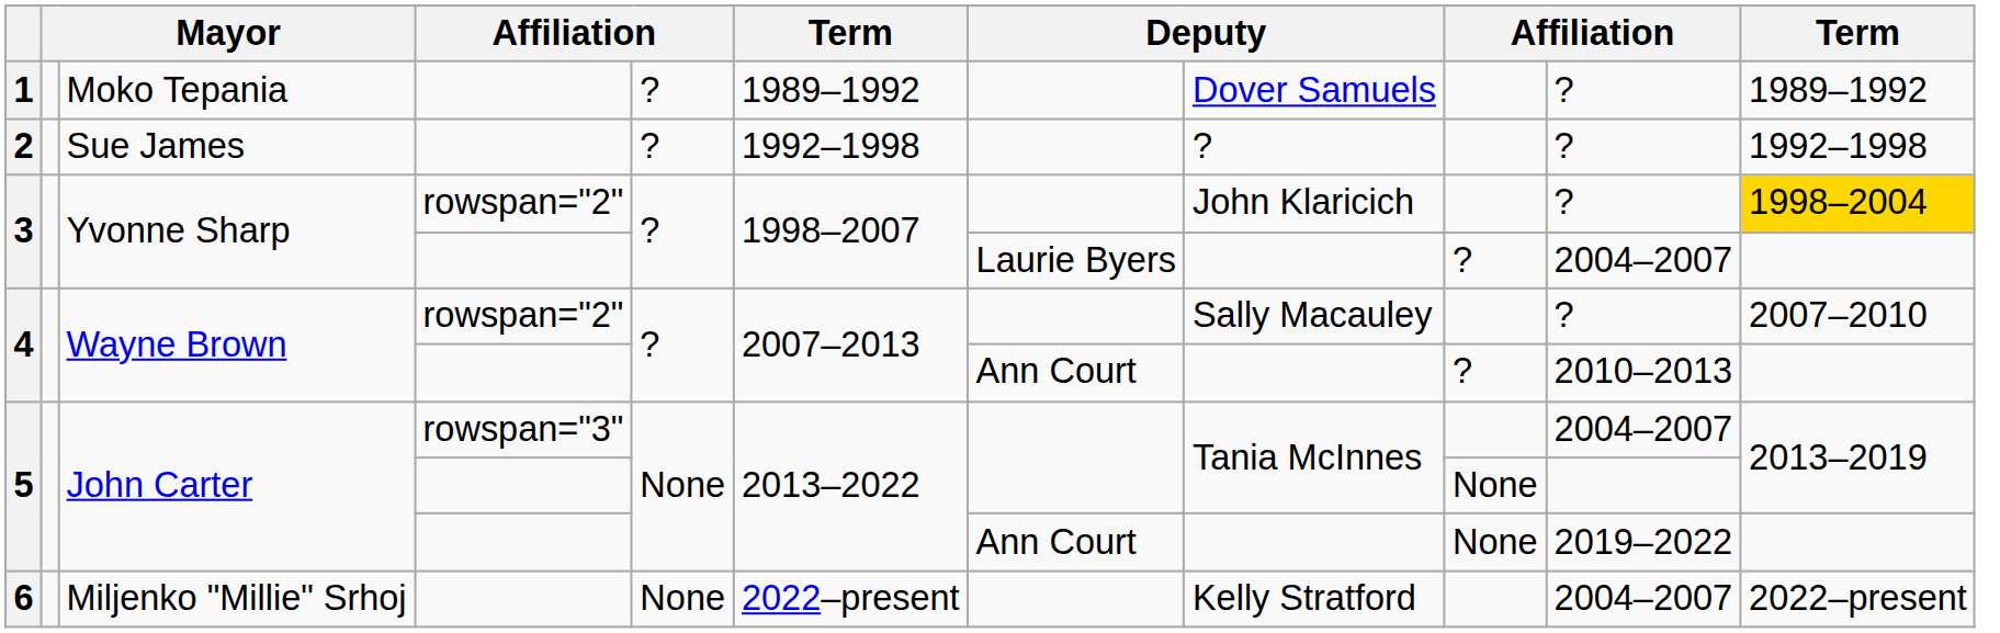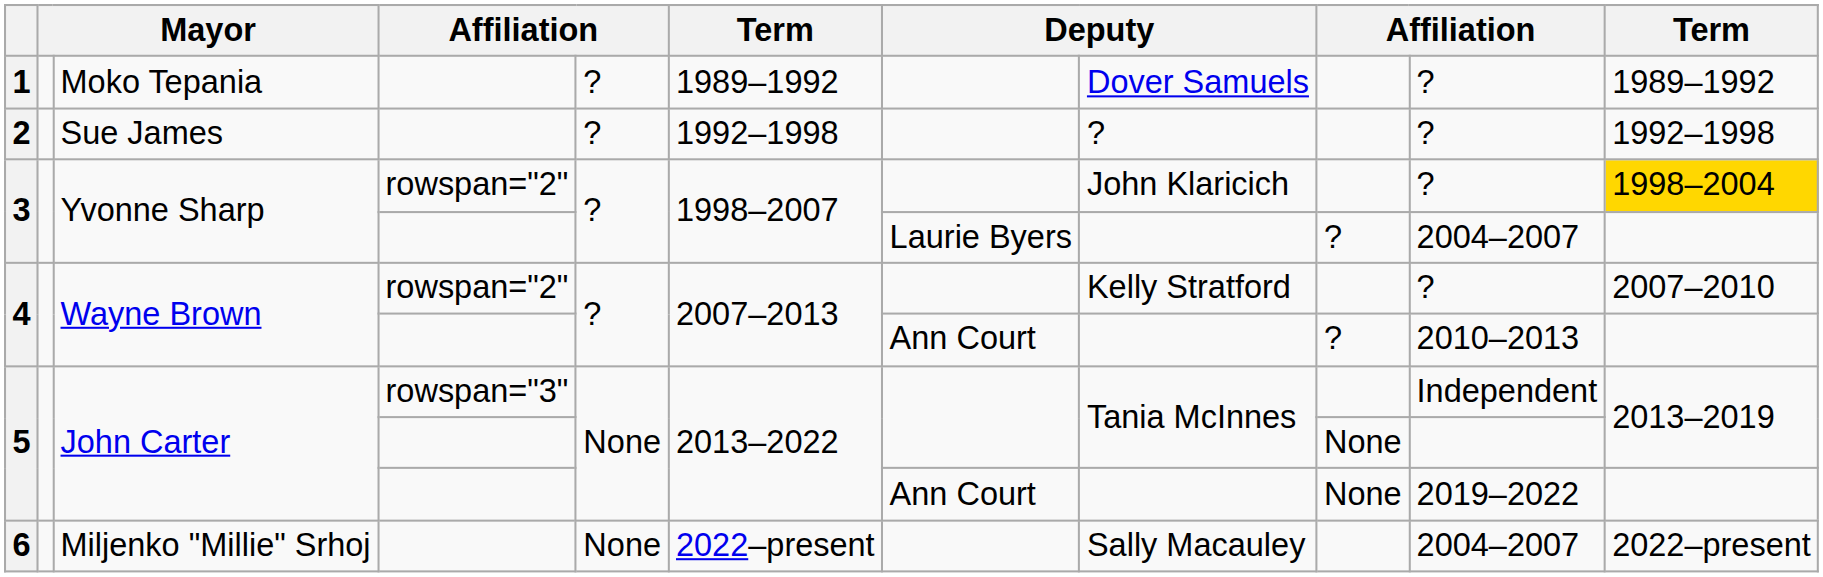 <table class="wikitable">
 <tr>
 <th></th>
 <th colspan="2">Mayor</th>
 <th colspan="2">Affiliation</th>
 <th scope="col">Term</th>
 <th colspan="2">Deputy</th>
 <th colspan="2">Affiliation</th>
 <th scope="col">Term</th>
 </tr>
 <tr>
 <th scope="row">1</th>
 <td></td>
 <td>Moko Tepania</td>
 <td></td>
 <td>?</td>
 <td>1989–1992</td>
 <td></td>
 <td><a href='#'>Dover Samuels</a></td>
 <td></td>
 <td>?</td>
 <td>1989–1992</td>
 </tr>
 <tr>
 <th scope="row">2</th>
 <td></td>
 <td>Sue James</td>
 <td></td>
 <td>?</td>
 <td>1992–1998</td>
 <td></td>
 <td>?</td>
 <td></td>
 <td>?</td>
 <td>1992–1998</td>
 </tr>
 <tr>
 <th rowspan="2"  scope="row">3</th>
 <td rowspan="2"></td>
 <td rowspan="2">Yvonne Sharp</td>
 <td>rowspan="2"  </td>
 <td rowspan="2">?</td>
 <td rowspan="2">1998–2007</td>
 <td></td>
 <td>John Klaricich</td>
 <td></td>
 <td>?</td>
 <td style="background: gold;">1998–2004</td>
 </tr>
 <tr>
 <td></td>
 <td>Laurie Byers</td>
 <td></td>
 <td>?</td>
 <td>2004–2007</td>
 </tr>
 <tr>
 <th rowspan="2" scope="row">4</th>
 <td rowspan="2"></td>
 <td rowspan="2"><a href='#'>Wayne Brown</a></td>
 <td>rowspan="2" </td>
 <td rowspan="2">?</td>
 <td rowspan="2">2007–2013</td>
 <td></td>
-<td>Sally Macauley</td>
+<td>Kelly Stratford</td>
 <td></td>
 <td>?</td>
 <td>2007–2010</td>
 </tr>
 <tr>
 <td></td>
 <td>Ann Court</td>
 <td></td>
 <td>?</td>
 <td>2010–2013</td>
 </tr>
 <tr>
 <th rowspan="3">5</th>
 <td rowspan="3"></td>
 <td rowspan="3"><a href='#'>John Carter</a></td>
 <td>rowspan="3"</td>
 <td rowspan="3">None<br></td>
 <td rowspan="3">2013–2022</td>
 <td rowspan="2"></td>
 <td rowspan="2">Tania McInnes</td>
 <td></td>
-<td>2004–2007</td>
+<td>Independent</td>
 <td rowspan="2">2013–2019</td>
 </tr>
 <tr>
 <td></td>
 <td>None</td>
 </tr>
 <tr>
 <td></td>
 <td>Ann Court</td>
 <td></td>
 <td>None</td>
 <td>2019–2022</td>
 </tr>
 <tr>
 <th scope="row">6</th>
 <td></td>
 <td>Miljenko "Millie" Srhoj</td>
 <td></td>
 <td>None</td>
 <td><a href='#'>2022</a>–present</td>
 <td></td>
-<td>Kelly Stratford</td>
+<td>Sally Macauley</td>
 <td></td>
 <td>2004–2007</td>
 <td>2022–present</td>
 </tr>
 </table>
